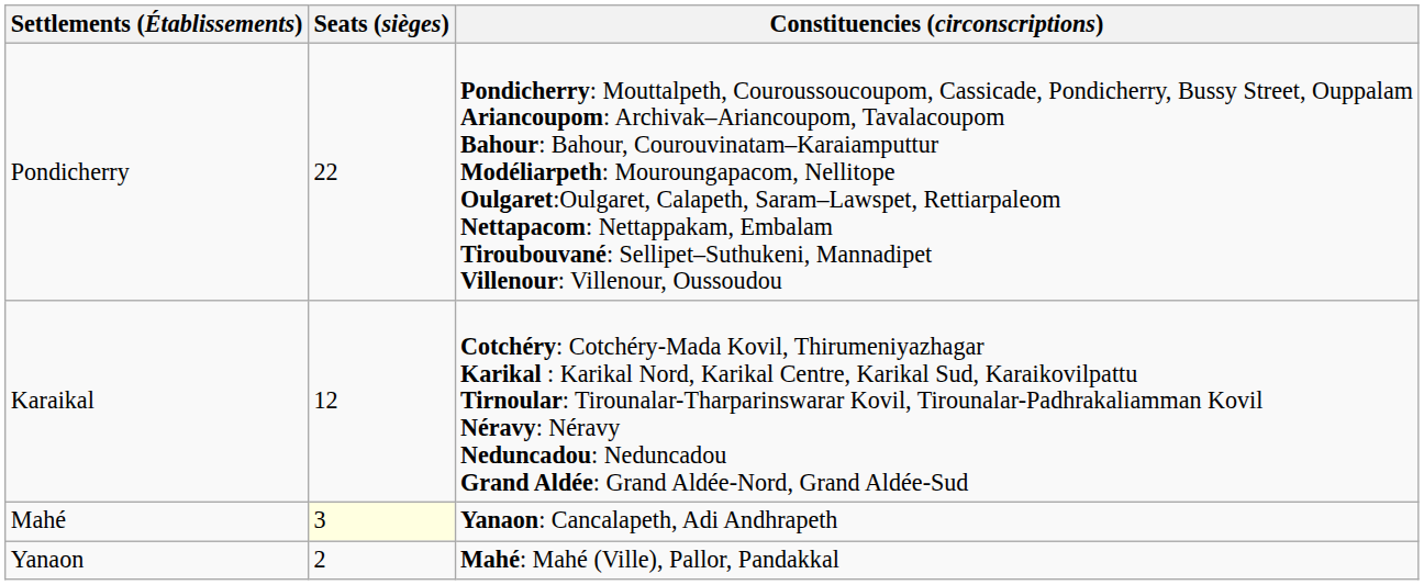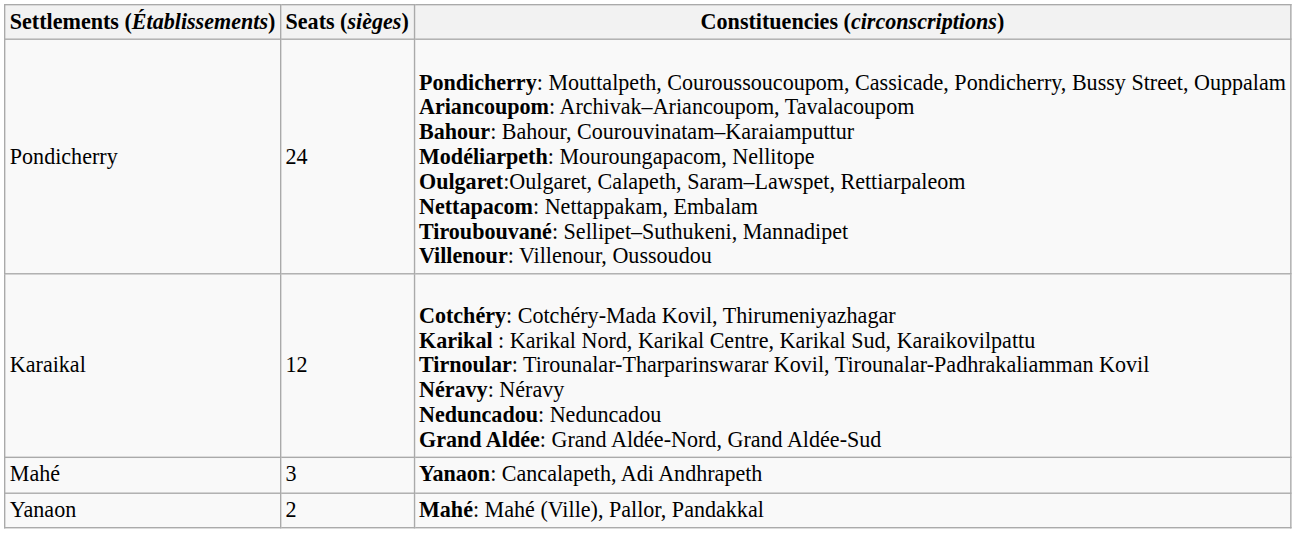 <table class="wikitable sortable">
 <tr>
 <th>Settlements (<em>Établissements</em>)</th>
 <th>Seats (<em>sièges</em>)</th>
 <th>Constituencies (<em>circonscriptions</em>)</th>
 </tr>
 <tr>
 <td>Pondicherry</td>
-<td>22</td>
+<td>24</td>
 <td><br><strong>Pondicherry</strong>: Mouttalpeth, Couroussoucoupom, Cassicade, Pondicherry, Bussy Street, Ouppalam <br><strong>Ariancoupom</strong>: Archivak–Ariancoupom, Tavalacoupom <br><strong>Bahour</strong>: Bahour, Courouvinatam–Karaiamputtur <br><strong>Modéliarpeth</strong>: Mouroungapacom, Nellitope <br><strong>Oulgaret</strong>:Oulgaret, Calapeth, Saram–Lawspet, Rettiarpaleom <br><strong>Nettapacom</strong>: Nettappakam, Embalam <br><strong>Tiroubouvané</strong>: Sellipet–Suthukeni, Mannadipet <br><strong>Villenour</strong>: Villenour, Oussoudou</td>
 </tr>
 <tr>
 <td>Karaikal</td>
 <td>12</td>
 <td><br><strong>Cotchéry</strong>: Cotchéry-Mada Kovil, Thirumeniyazhagar <br><strong>Karikal </strong>: Karikal Nord, Karikal Centre, Karikal Sud, Karaikovilpattu <br><strong>Tirnoular</strong>: Tirounalar-Tharparinswarar Kovil, Tirounalar-Padhrakaliamman Kovil <br><strong>Néravy</strong>: Néravy <br><strong>Neduncadou</strong>: Neduncadou <br><strong>Grand Aldée</strong>: Grand Aldée-Nord, Grand Aldée-Sud</td>
 </tr>
 <tr>
 <td>Mahé</td>
-<td style="background: lightyellow;">3</td>
+<td>3</td>
 <td><strong>Yanaon</strong>: Cancalapeth, Adi Andhrapeth</td>
 </tr>
 <tr>
 <td>Yanaon</td>
 <td>2</td>
 <td><strong>Mahé</strong>: Mahé (Ville), Pallor, Pandakkal</td>
 </tr>
 </table>
